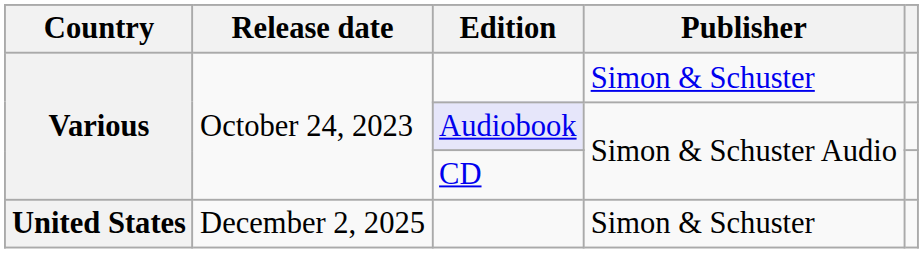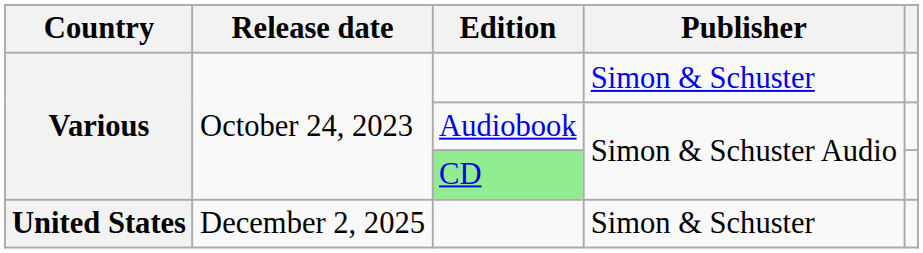 <table class="wikitable plainrowheaders">
 <tr>
 <th>Country</th>
 <th>Release date</th>
 <th>Edition</th>
 <th>Publisher</th>
 <th></th>
 </tr>
 <tr>
 <th rowspan="3" scope="row">Various</th>
 <td rowspan="3">October 24, 2023</td>
 <td></td>
 <td><a href='#'>Simon & Schuster</a></td>
 <td align="center"></td>
 </tr>
 <tr>
-<td style="background: lavender;"><a href='#'>Audiobook</a></td>
+<td><a href='#'>Audiobook</a></td>
 <td rowspan="2">Simon & Schuster Audio</td>
 <td align="center"></td>
 </tr>
 <tr>
-<td><a href='#'>CD</a></td>
+<td style="background: lightgreen;"><a href='#'>CD</a></td>
 <td align="center"></td>
 </tr>
 <tr>
 <th scope="row">United States</th>
 <td>December 2, 2025</td>
 <td></td>
 <td>Simon & Schuster</td>
 <td align="center"></td>
 </tr>
 </table>
